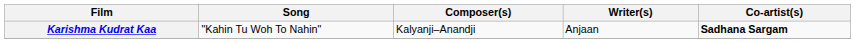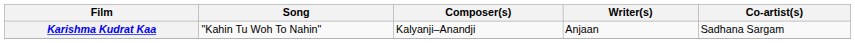 <table class="wikitable plainrowheaders" width="100%" textcolor:#000;">
 <tr>
 <th scope="col" width=23%>Film</th>
 <th scope="col" width=23%>Song</th>
 <th scope="col" width=20%>Composer(s)</th>
 <th scope="col" width=16%>Writer(s)</th>
 <th scope="col" width=18%>Co-artist(s)</th>
 </tr>
 <tr>
 <th><em><a href='#'>Karishma Kudrat Kaa</a></em></th>
 <td>"Kahin Tu Woh To Nahin"</td>
 <td>Kalyanji–Anandji</td>
 <td>Anjaan</td>
-<td><strong>Sadhana Sargam</strong></td>
+<td>Sadhana Sargam</td>
 </tr>
 <tr>
 </tr>
 </table>
